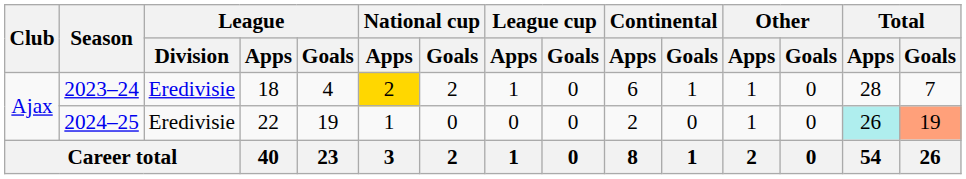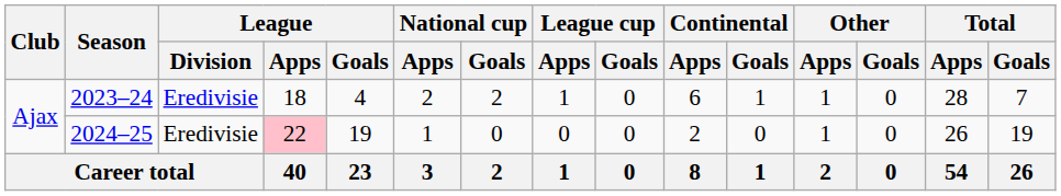 <table class="wikitable" Style="text-align: center">
 <tr>
 <th rowspan="2">Club</th>
 <th rowspan="2">Season</th>
 <th colspan="3">League</th>
 <th colspan="2">National cup</th>
 <th colspan="2">League cup</th>
 <th colspan="2">Continental</th>
 <th colspan="2">Other</th>
 <th colspan="2">Total</th>
 </tr>
 <tr>
 <th>Division</th>
 <th>Apps</th>
 <th>Goals</th>
 <th>Apps</th>
 <th>Goals</th>
 <th>Apps</th>
 <th>Goals</th>
 <th>Apps</th>
 <th>Goals</th>
 <th>Apps</th>
 <th>Goals</th>
 <th>Apps</th>
 <th>Goals</th>
 </tr>
 <tr>
 <td rowspan="2"><a href='#'>Ajax</a></td>
 <td><a href='#'>2023–24</a></td>
 <td><a href='#'>Eredivisie</a></td>
 <td>18</td>
 <td>4</td>
-<td style="background: gold;">2</td>
+<td>2</td>
 <td>2</td>
 <td>1</td>
 <td>0</td>
 <td>6</td>
 <td>1</td>
 <td>1</td>
 <td>0</td>
 <td>28</td>
 <td>7</td>
 </tr>
 <tr>
 <td><a href='#'>2024–25</a></td>
 <td>Eredivisie</td>
-<td>22</td>
+<td style="background: pink;">22</td>
 <td>19</td>
 <td>1</td>
 <td>0</td>
 <td>0</td>
 <td>0</td>
 <td>2</td>
 <td>0</td>
 <td>1</td>
 <td>0</td>
-<td style="background: paleturquoise;">26</td>
-<td style="background: lightsalmon;">19</td>
+<td>26</td>
+<td>19</td>
 </tr>
 <tr>
 <th colspan="3">Career total</th>
 <th>40</th>
 <th>23</th>
 <th>3</th>
 <th>2</th>
 <th>1</th>
 <th>0</th>
 <th>8</th>
 <th>1</th>
 <th>2</th>
 <th>0</th>
 <th>54</th>
 <th>26</th>
 </tr>
 </table>
